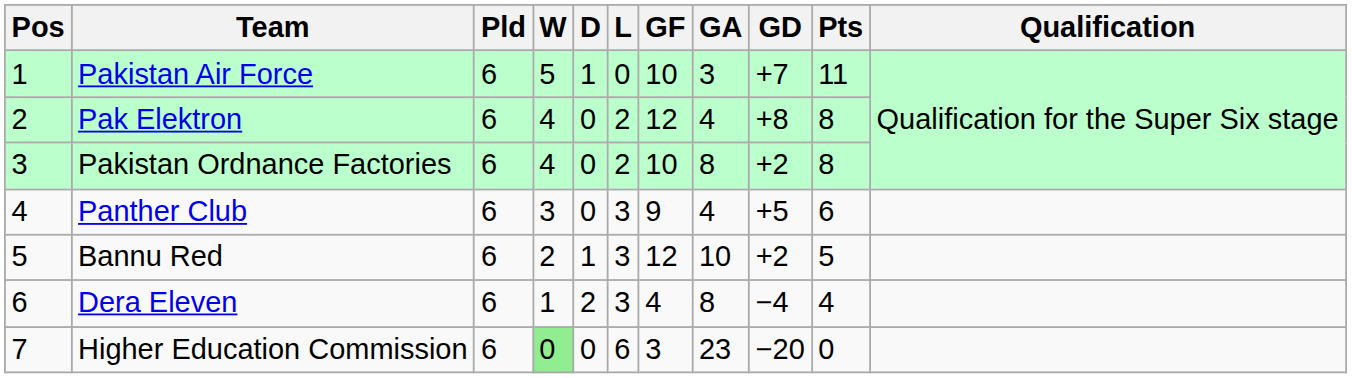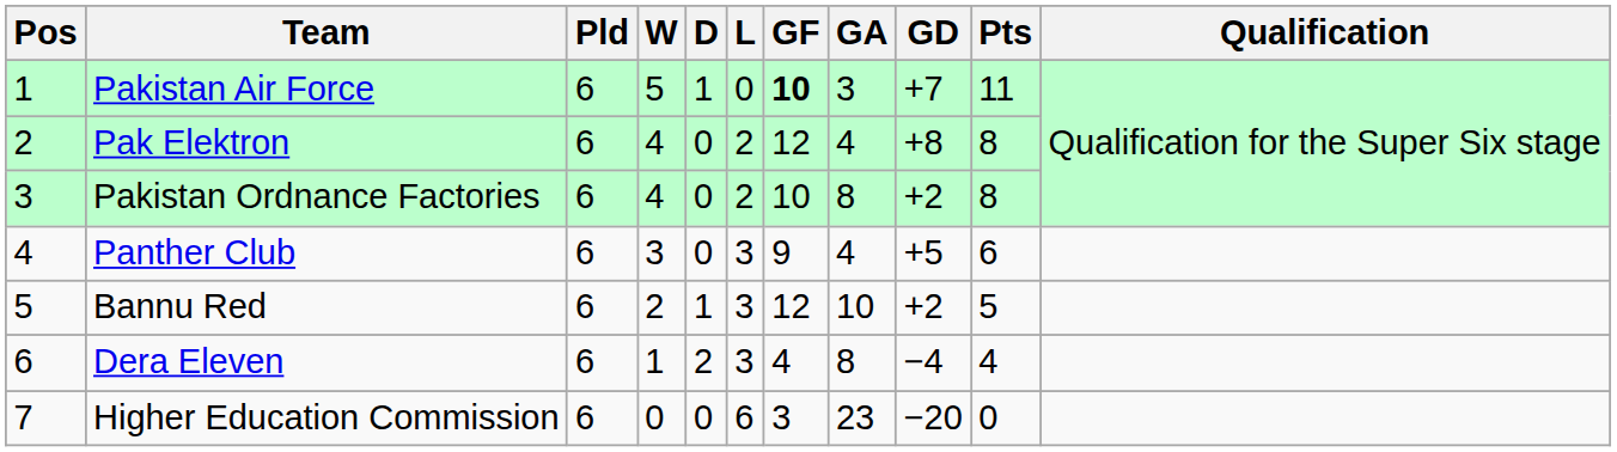 <table class="wikitable">
 <tr>
 <th>Pos</th>
 <th>Team</th>
 <th>Pld</th>
 <th>W</th>
 <th>D</th>
 <th>L</th>
 <th>GF</th>
 <th>GA</th>
 <th>GD</th>
 <th>Pts</th>
 <th>Qualification</th>
 </tr>
 <tr style="background:#bfc">
 <td>1</td>
 <td><a href='#'>Pakistan Air Force</a></td>
 <td>6</td>
 <td>5</td>
 <td>1</td>
 <td>0</td>
-<td>10</td>
+<td><strong>10</strong></td>
 <td>3</td>
 <td>+7</td>
 <td>11</td>
 <td rowspan="3">Qualification for the Super Six stage</td>
 </tr>
 <tr style="background:#bfc">
 <td>2</td>
 <td><a href='#'>Pak Elektron</a></td>
 <td>6</td>
 <td>4</td>
 <td>0</td>
 <td>2</td>
 <td>12</td>
 <td>4</td>
 <td>+8</td>
 <td>8</td>
 </tr>
 <tr style="background:#bfc">
 <td>3</td>
 <td>Pakistan Ordnance Factories</td>
 <td>6</td>
 <td>4</td>
 <td>0</td>
 <td>2</td>
 <td>10</td>
 <td>8</td>
 <td>+2</td>
 <td>8</td>
 </tr>
 <tr>
 <td>4</td>
 <td><a href='#'>Panther Club</a></td>
 <td>6</td>
 <td>3</td>
 <td>0</td>
 <td>3</td>
 <td>9</td>
 <td>4</td>
 <td>+5</td>
 <td>6</td>
 <td></td>
 </tr>
 <tr>
 <td>5</td>
 <td>Bannu Red</td>
 <td>6</td>
 <td>2</td>
 <td>1</td>
 <td>3</td>
 <td>12</td>
 <td>10</td>
 <td>+2</td>
 <td>5</td>
 <td></td>
 </tr>
 <tr>
 <td>6</td>
 <td><a href='#'>Dera Eleven</a></td>
 <td>6</td>
 <td>1</td>
 <td>2</td>
 <td>3</td>
 <td>4</td>
 <td>8</td>
 <td>−4</td>
 <td>4</td>
 <td></td>
 </tr>
 <tr>
 <td>7</td>
 <td>Higher Education Commission</td>
 <td>6</td>
-<td style="background: lightgreen;">0</td>
+<td>0</td>
 <td>0</td>
 <td>6</td>
 <td>3</td>
 <td>23</td>
 <td>−20</td>
 <td>0</td>
 <td></td>
 </tr>
 </table>
